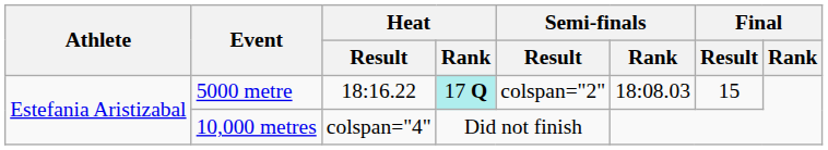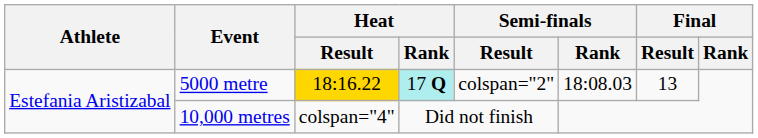 <table class="wikitable" style="font-size:90%; text-align:center">
 <tr>
 <th rowspan="2">Athlete</th>
 <th rowspan="2">Event</th>
 <th colspan="2">Heat</th>
 <th colspan="2">Semi-finals</th>
 <th colspan="2">Final</th>
 </tr>
 <tr>
 <th>Result</th>
 <th>Rank</th>
 <th>Result</th>
 <th>Rank</th>
 <th>Result</th>
 <th>Rank</th>
 </tr>
 <tr>
 <td align="left"  rowspan="2"><a href='#'>Estefania Aristizabal </a></td>
 <td align="left"><a href='#'>5000 metre</a></td>
-<td>18:16.22</td>
+<td style="background: gold;">18:16.22</td>
 <td style="background: paleturquoise;">17 <strong>Q</strong></td>
 <td>colspan="2" </td>
 <td>18:08.03</td>
-<td>15</td>
+<td>13</td>
 </tr>
 <tr>
 <td align="left"><a href='#'>10,000 metres</a></td>
 <td>colspan="4" </td>
 <td colspan="2">Did not finish</td>
 </tr>
 </table>
